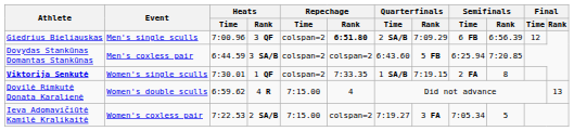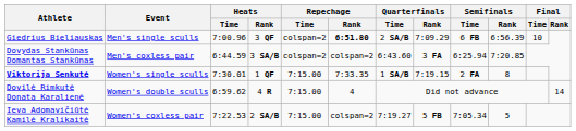 <table class=wikitable style=font-size:90%;text-align:center>
 <tr>
 <th rowspan=2>Athlete</th>
 <th rowspan=2>Event</th>
 <th colspan=2>Heats</th>
 <th colspan=2>Repechage</th>
 <th colspan=2>Quarterfinals</th>
 <th colspan=2>Semifinals</th>
 <th colspan=2>Final</th>
 </tr>
 <tr style=font-size:95%>
 <th>Time</th>
 <th>Rank</th>
 <th>Time</th>
 <th>Rank</th>
 <th>Time</th>
 <th>Rank</th>
 <th>Time</th>
 <th>Rank</th>
 <th>Time</th>
 <th>Rank</th>
 </tr>
 <tr>
 <td align=left><a href='#'>Giedrius Bieliauskas</a></td>
 <td align=left><a href='#'>Men's single sculls</a></td>
 <td>7:00.96</td>
 <td>3 <strong>QF</strong></td>
 <td>colspan=2 </td>
 <td><strong>6:51.80</strong></td>
 <td>2 <strong>SA/B</strong></td>
 <td>7:09.29</td>
 <td>6 <strong>FB</strong></td>
 <td>6:56.39</td>
-<td>12</td>
+<td>10</td>
 </tr>
 <tr>
 <td align=left><a href='#'>Dovydas Stankūnas</a><br><a href='#'>Domantas Stankūnas</a></td>
 <td align=left><a href='#'>Men's coxless pair</a></td>
 <td>6:44.59</td>
 <td>3 <strong>SA/B</strong></td>
 <td>colspan=2 </td>
 <td>colspan=2 </td>
 <td>6:43.60</td>
-<td>5 <strong>FB</strong></td>
+<td>3 <strong>FA</strong></td>
 <td>6:25.94</td>
 <td>7:20.85</td>
 </tr>
 <tr>
 <td align=left><strong><a href='#'>Viktorija Senkutė</a></strong></td>
 <td align=left><a href='#'>Women's single sculls</a></td>
 <td>7:30.01</td>
 <td>1 <strong>QF</strong></td>
-<td>colspan=2 </td>
+<td>7:15.00</td>
 <td>7:33.35</td>
 <td>1 <strong>SA/B</strong></td>
 <td>7:19.15</td>
 <td>2 <strong>FA</strong></td>
 <td>8</td>
 <td></td>
 </tr>
 <tr>
 <td align=left><a href='#'>Dovilė Rimkutė</a><br><a href='#'>Donata Karalienė</a></td>
 <td align=left><a href='#'>Women's double sculls</a></td>
 <td>6:59.62</td>
 <td>4 <strong>R</strong></td>
 <td>7:15.00</td>
 <td>4</td>
 <td colspan="5">Did not advance</td>
-<td>13</td>
+<td>14</td>
 </tr>
 <tr>
 <td align=left><a href='#'>Ieva Adomavičiūtė</a><br><a href='#'>Kamilė Kralikaitė</a></td>
 <td align=left><a href='#'>Women's coxless pair</a></td>
 <td>7:22.53</td>
 <td>2 <strong>SA/B</strong></td>
 <td>7:15.00</td>
 <td>colspan=2 </td>
 <td>7:19.27</td>
-<td>3 <strong>FA</strong></td>
+<td>5 <strong>FB</strong></td>
 <td>7:05.34</td>
 <td>5</td>
 </tr>
 </table>
